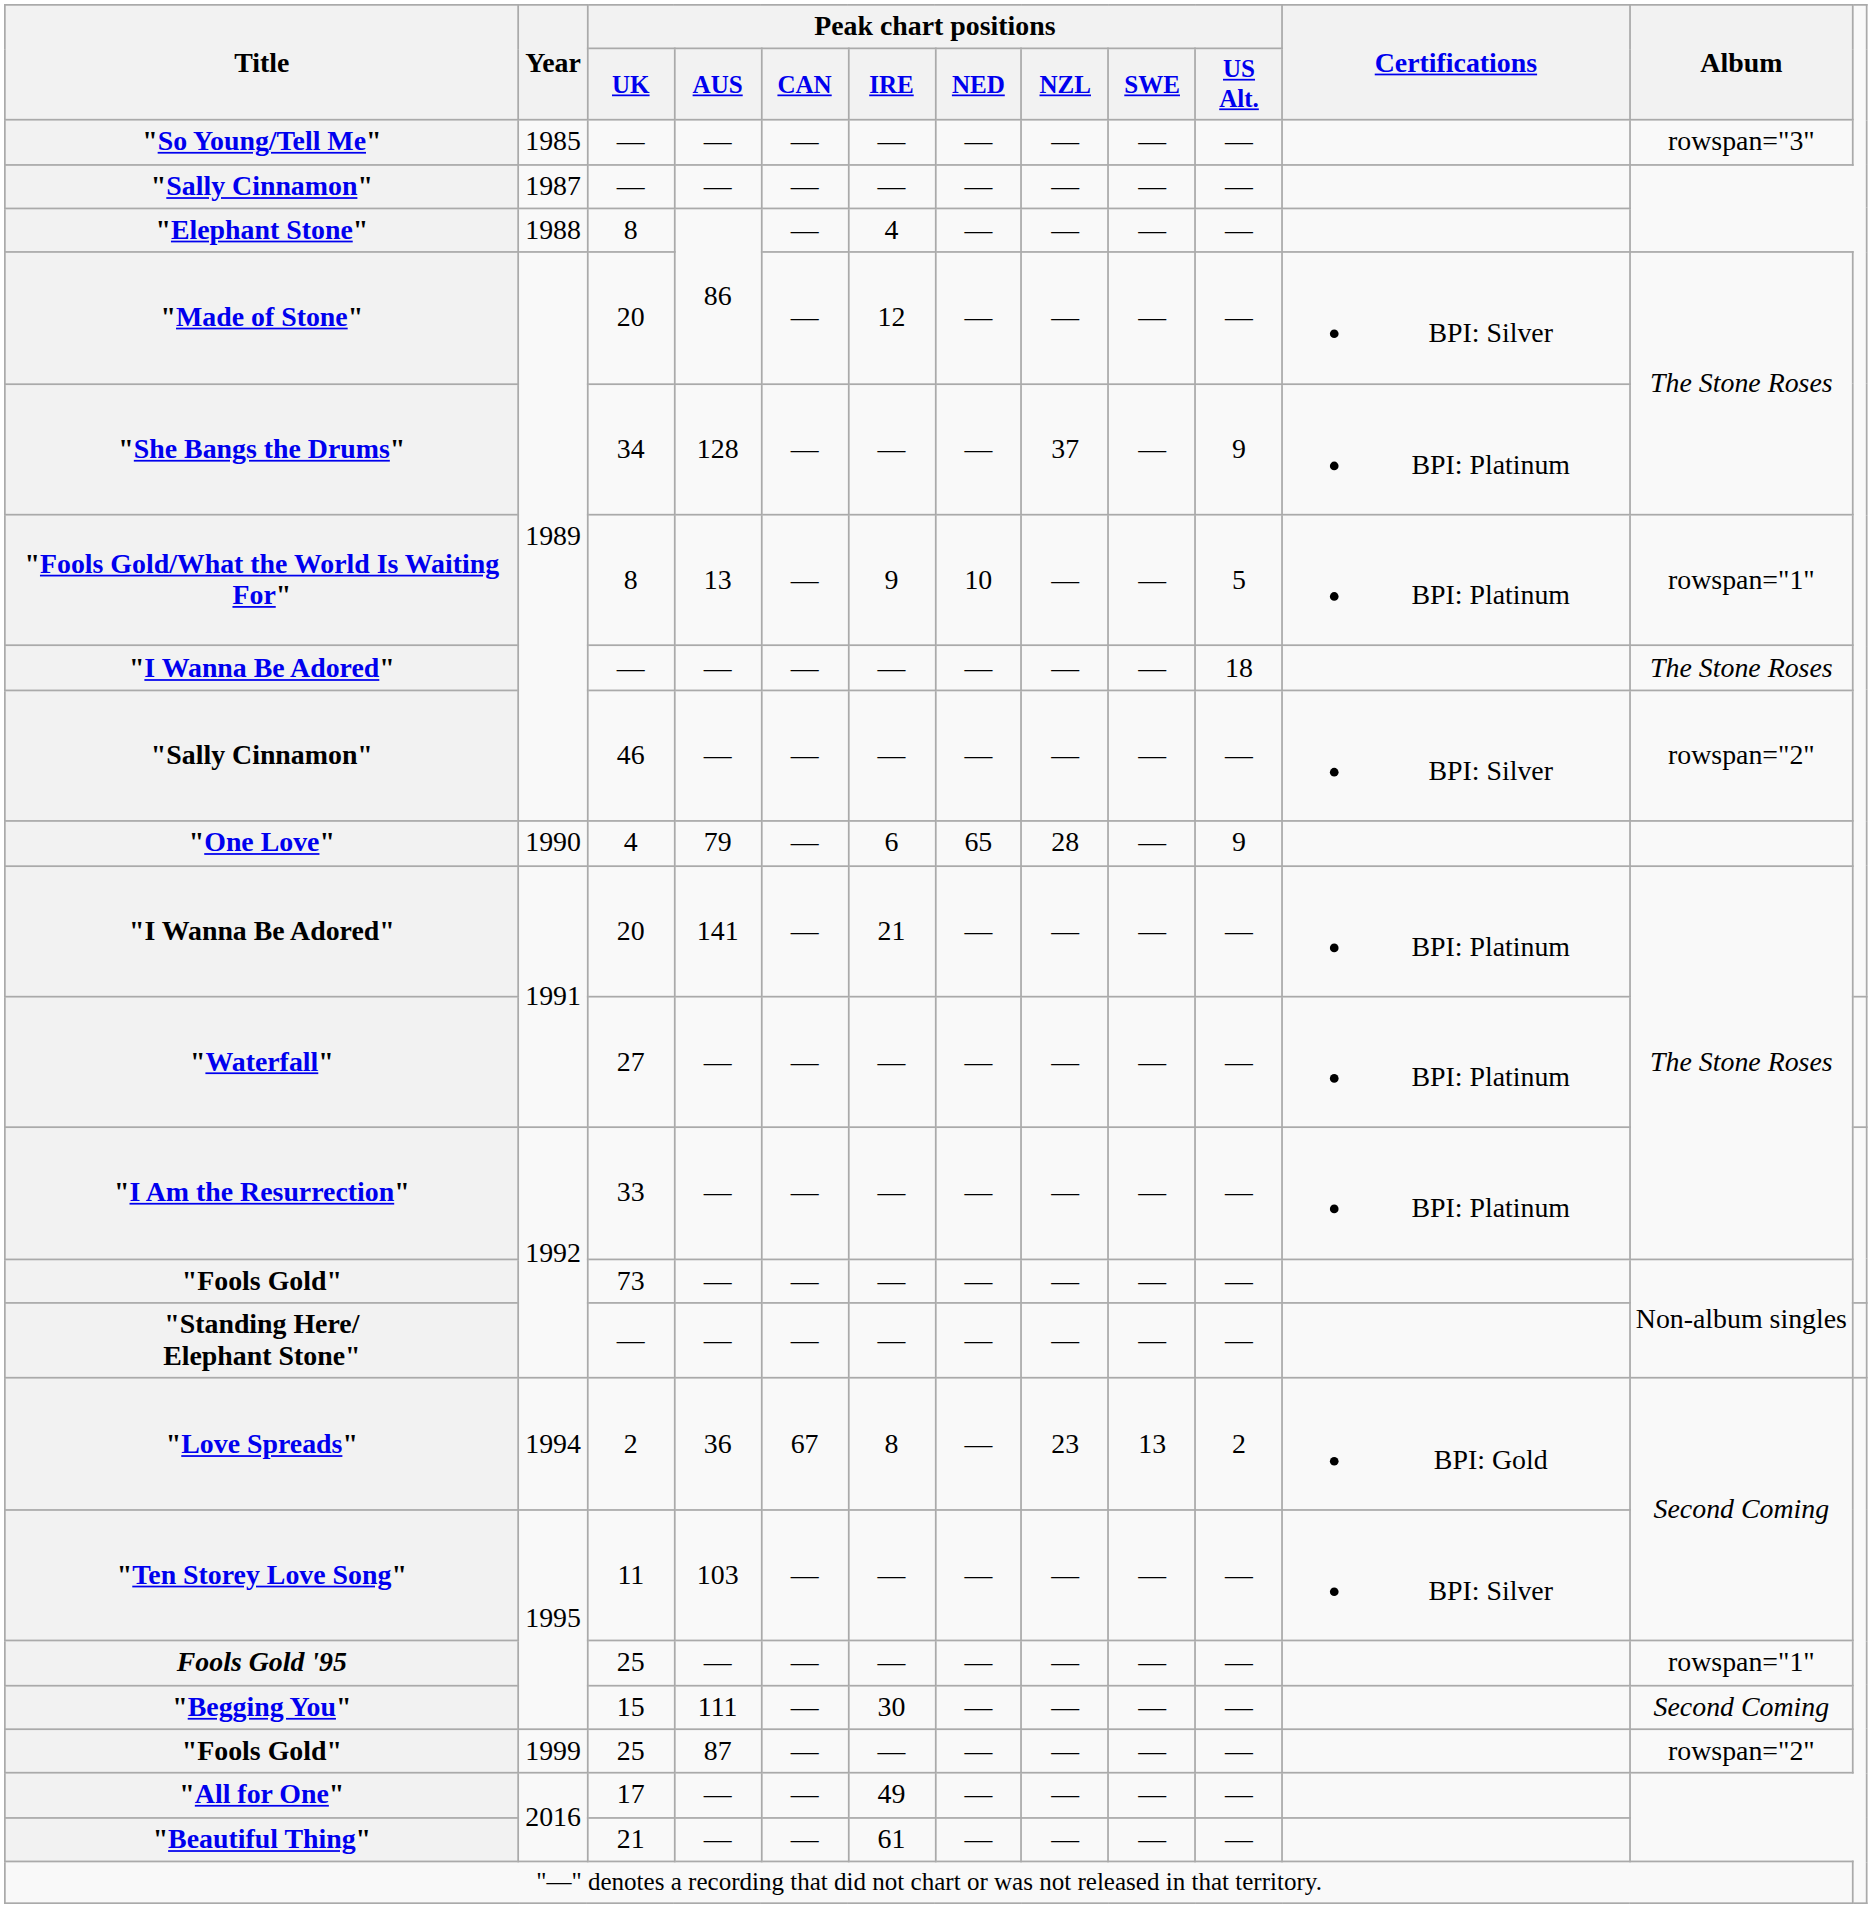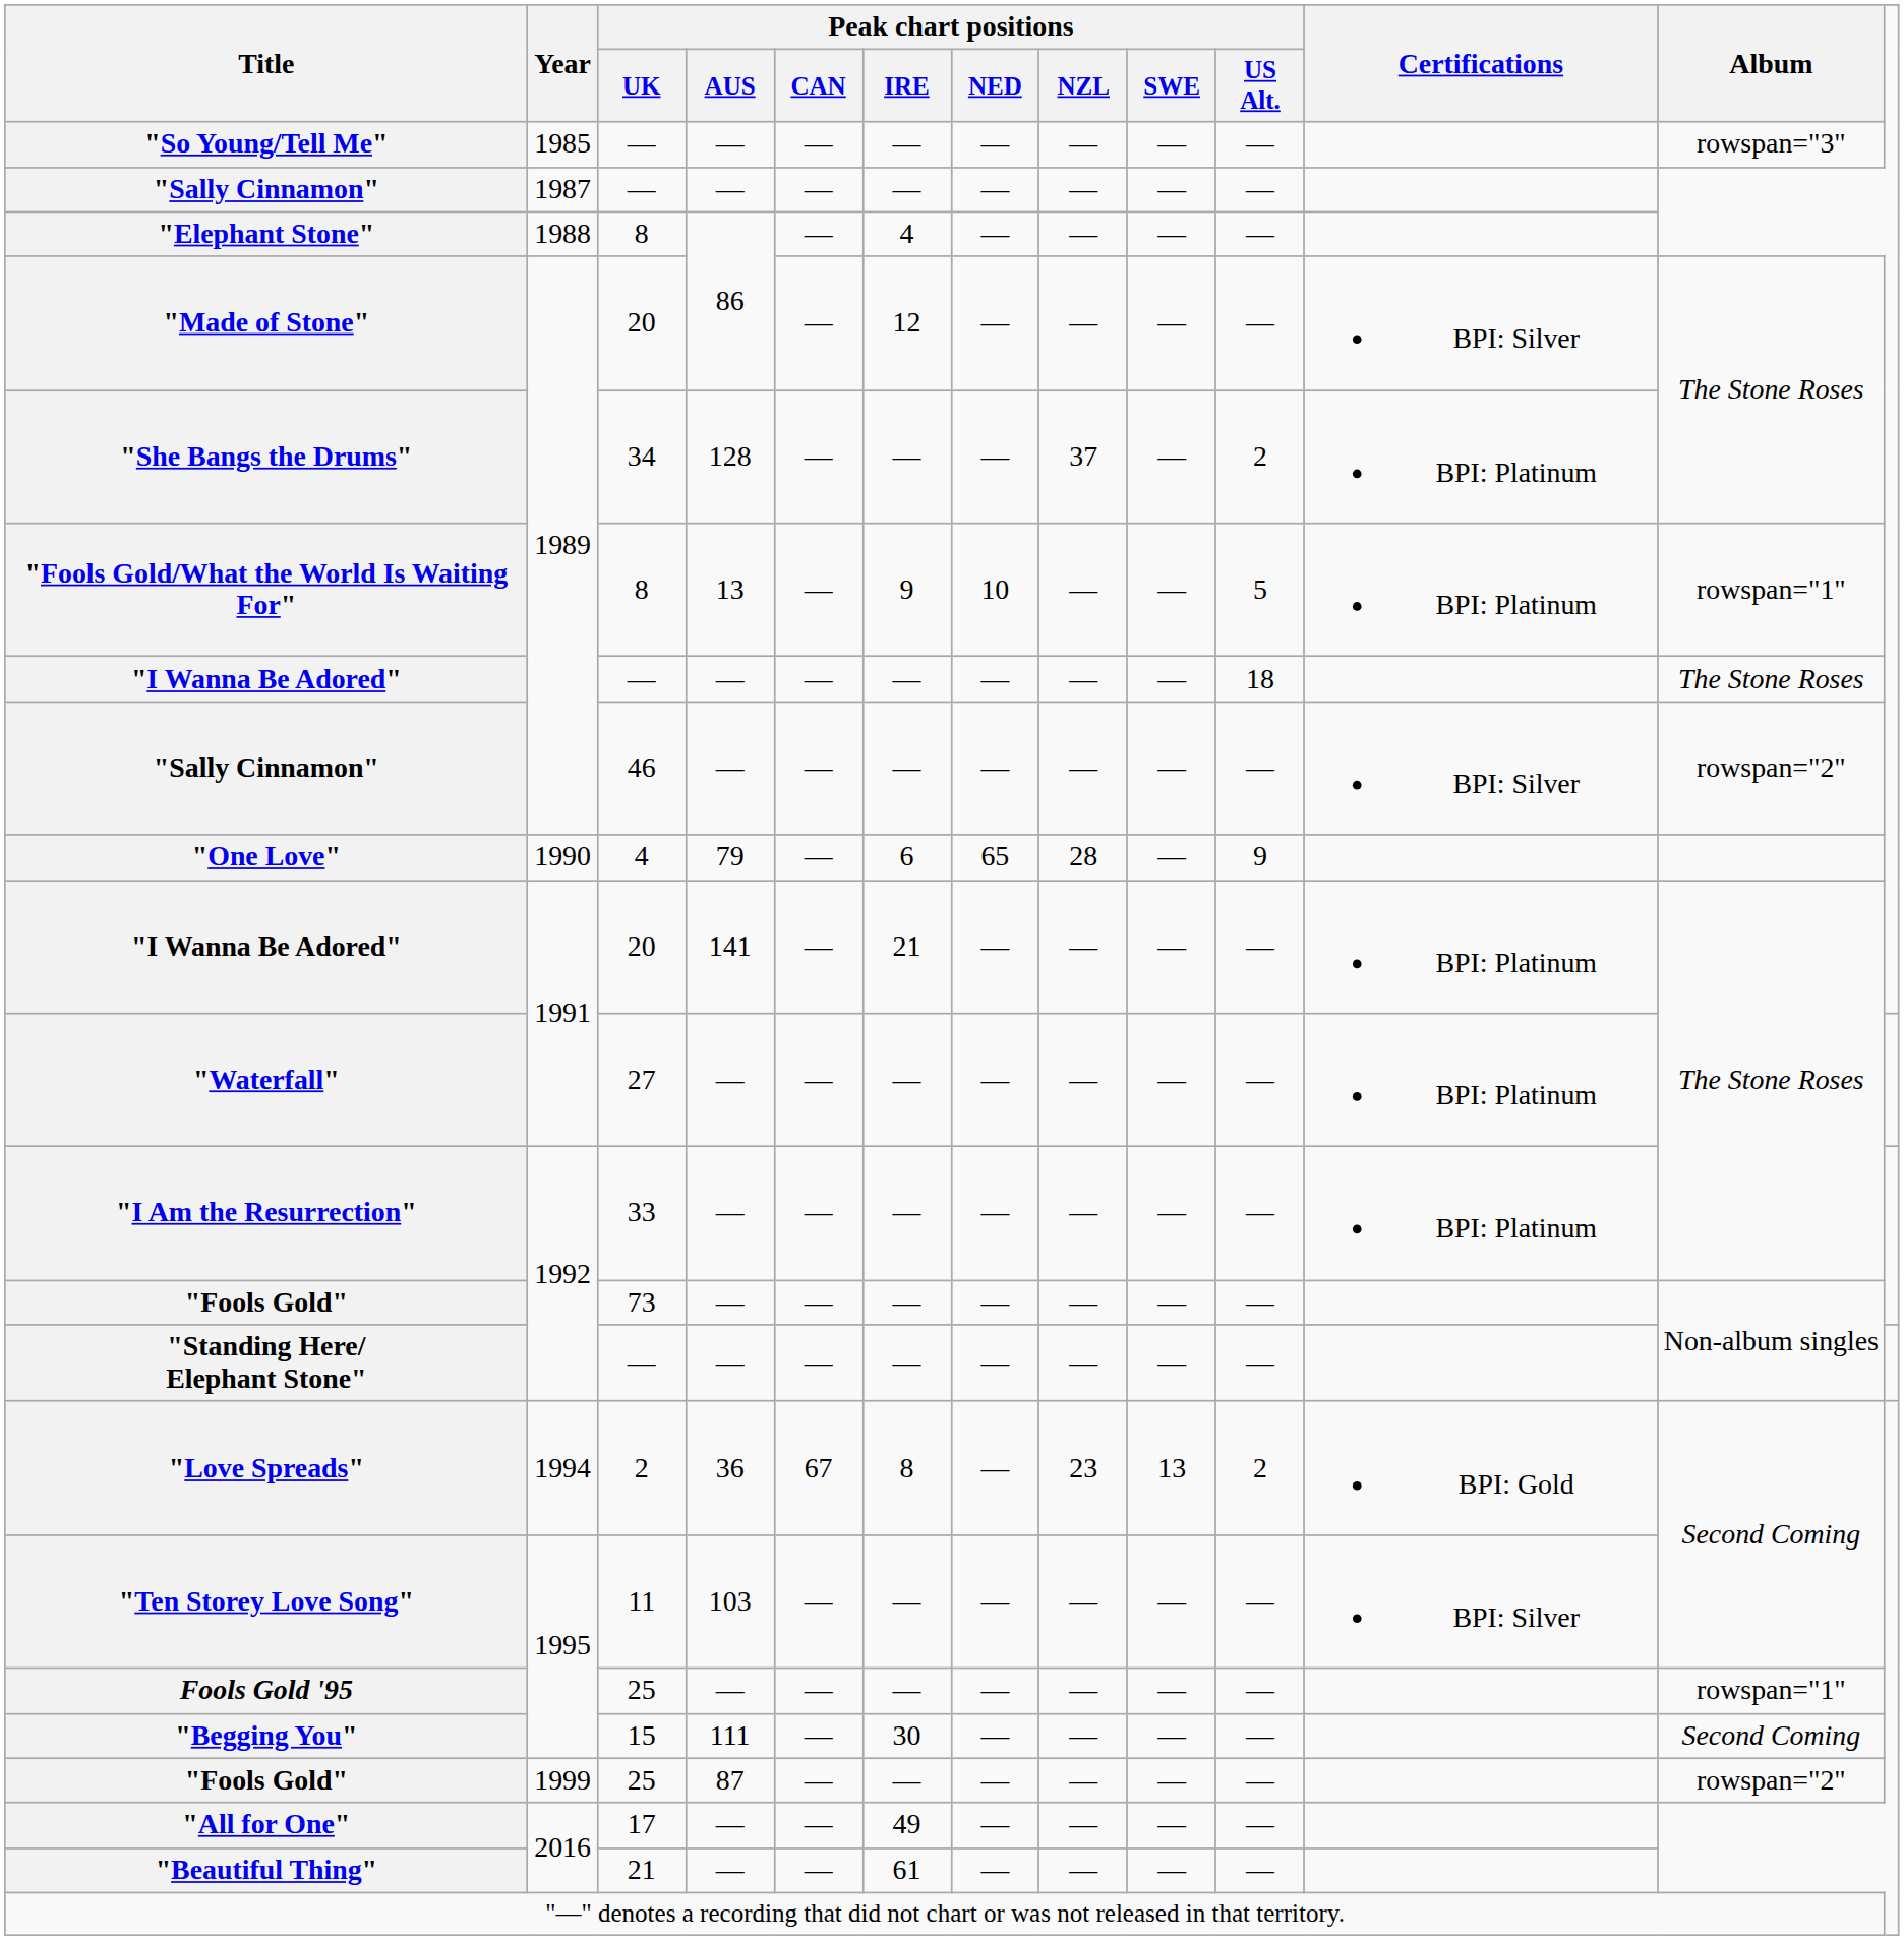 <table class="wikitable plainrowheaders" style="text-align:center;">
 <tr>
 <th scope="col" rowspan="2" style="width:18em;">Title</th>
 <th scope="col" rowspan="2">Year</th>
 <th scope="col" colspan="8">Peak chart positions</th>
 <th scope="col" rowspan="2" style="width:12em;"><a href='#'>Certifications</a></th>
 <th scope="col" rowspan="2">Album</th>
 </tr>
 <tr>
 <th scope="col" style="width:3em;font-size:90%;"><a href='#'>UK</a><br></th>
 <th scope="col" style="width:3em;font-size:90%;"><a href='#'>AUS</a><br></th>
 <th scope="col" style="width:3em;font-size:90%;"><a href='#'>CAN</a><br></th>
 <th scope="col" style="width:3em;font-size:90%;"><a href='#'>IRE</a><br></th>
 <th scope="col" style="width:3em;font-size:90%;"><a href='#'>NED</a><br></th>
 <th scope="col" style="width:3em;font-size:90%;"><a href='#'>NZL</a><br></th>
 <th scope="col" style="width:3em;font-size:90%;"><a href='#'>SWE</a><br></th>
 <th scope="col" style="width:3em;font-size:90%;"><a href='#'>US Alt.</a><br></th>
 </tr>
 <tr>
 <th scope="row">"<a href='#'>So Young/Tell Me</a>"</th>
 <td>1985</td>
 <td>—</td>
 <td>—</td>
 <td>—</td>
 <td>—</td>
 <td>—</td>
 <td>—</td>
 <td>—</td>
 <td>—</td>
 <td></td>
 <td>rowspan="3" </td>
 </tr>
 <tr>
 <th scope="row">"<a href='#'>Sally Cinnamon</a>"</th>
 <td>1987</td>
 <td>—</td>
 <td>—</td>
 <td>—</td>
 <td>—</td>
 <td>—</td>
 <td>—</td>
 <td>—</td>
 <td>—</td>
 <td></td>
 </tr>
 <tr>
 <th scope="row">"<a href='#'>Elephant Stone</a>"</th>
 <td>1988</td>
 <td>8</td>
 <td rowspan="2">86</td>
 <td>—</td>
 <td>4</td>
 <td>—</td>
 <td>—</td>
 <td>—</td>
 <td>—</td>
 <td></td>
 </tr>
 <tr>
 <th scope="row">"<a href='#'>Made of Stone</a>"</th>
 <td rowspan="5">1989</td>
 <td>20</td>
 <td>—</td>
 <td>12</td>
 <td>—</td>
 <td>—</td>
 <td>—</td>
 <td>—</td>
 <td><br><ul><li>BPI: Silver</li></ul></td>
 <td rowspan="2"><em>The Stone Roses</em></td>
 </tr>
 <tr>
 <th scope="row">"<a href='#'>She Bangs the Drums</a>"</th>
 <td>34</td>
 <td>128</td>
 <td>—</td>
 <td>—</td>
 <td>—</td>
 <td>37</td>
 <td>—</td>
-<td>9</td>
+<td>2</td>
 <td><br><ul><li>BPI: Platinum</li></ul></td>
 </tr>
 <tr>
 <th scope="row">"<a href='#'>Fools Gold/What the World Is Waiting For</a>"</th>
 <td>8</td>
 <td>13</td>
 <td>—</td>
 <td>9</td>
 <td>10</td>
 <td>—</td>
 <td>—</td>
 <td>5</td>
 <td><br><ul><li>BPI: Platinum</li></ul></td>
 <td>rowspan="1" </td>
 </tr>
 <tr>
 <th scope="row">"<a href='#'>I Wanna Be Adored</a>" </th>
 <td>—</td>
 <td>—</td>
 <td>—</td>
 <td>—</td>
 <td>—</td>
 <td>—</td>
 <td>—</td>
 <td>18</td>
 <td></td>
 <td><em>The Stone Roses</em></td>
 </tr>
 <tr>
 <th scope="row">"Sally Cinnamon" </th>
 <td>46</td>
 <td>—</td>
 <td>—</td>
 <td>—</td>
 <td>—</td>
 <td>—</td>
 <td>—</td>
 <td>—</td>
 <td><br><ul><li>BPI: Silver</li></ul></td>
 <td>rowspan="2" </td>
 </tr>
 <tr>
 <th scope="row">"<a href='#'>One Love</a>"</th>
 <td>1990</td>
 <td>4</td>
 <td>79</td>
 <td>—</td>
 <td>6</td>
 <td>65</td>
 <td>28</td>
 <td>—</td>
 <td>9</td>
 <td></td>
 <td></td>
 </tr>
 <tr>
 <th scope="row">"I Wanna Be Adored" </th>
 <td rowspan="2">1991</td>
 <td>20</td>
 <td>141</td>
 <td>—</td>
 <td>21</td>
 <td>—</td>
 <td>—</td>
 <td>—</td>
 <td>—</td>
 <td><br><ul><li>BPI: Platinum</li></ul></td>
 <td rowspan="3"><em>The Stone Roses</em></td>
 </tr>
 <tr>
 <th scope="row">"<a href='#'>Waterfall</a>"</th>
 <td>27</td>
 <td>—</td>
 <td>—</td>
 <td>—</td>
 <td>—</td>
 <td>—</td>
 <td>—</td>
 <td>—</td>
 <td><br><ul><li>BPI: Platinum</li></ul></td>
 <td></td>
 </tr>
 <tr>
 <th scope="row">"<a href='#'>I Am the Resurrection</a>"</th>
 <td rowspan="3">1992</td>
 <td>33</td>
 <td>—</td>
 <td>—</td>
 <td>—</td>
 <td>—</td>
 <td>—</td>
 <td>—</td>
 <td>—</td>
 <td><br><ul><li>BPI: Platinum</li></ul></td>
 </tr>
 <tr>
 <th scope="row">"Fools Gold" </th>
 <td>73</td>
 <td>—</td>
 <td>—</td>
 <td>—</td>
 <td>—</td>
 <td>—</td>
 <td>—</td>
 <td>—</td>
 <td></td>
 <td rowspan = "2">Non-album singles</td>
 </tr>
 <tr>
 <th scope="row">"Standing Here/<br>Elephant Stone" <br></th>
 <td>—</td>
 <td>—</td>
 <td>—</td>
 <td>—</td>
 <td>—</td>
 <td>—</td>
 <td>—</td>
 <td>—</td>
 <td></td>
 <td></td>
 </tr>
 <tr>
 <th scope="row">"<a href='#'>Love Spreads</a>"</th>
 <td>1994</td>
 <td>2</td>
 <td>36</td>
 <td>67</td>
 <td>8</td>
 <td>—</td>
 <td>23</td>
 <td>13</td>
 <td>2</td>
 <td><br><ul><li>BPI: Gold</li></ul></td>
 <td rowspan="2"><em>Second Coming</em></td>
 </tr>
 <tr>
 <th scope="row">"<a href='#'>Ten Storey Love Song</a>"</th>
 <td rowspan="3">1995</td>
 <td>11</td>
 <td>103</td>
 <td>—</td>
 <td>—</td>
 <td>—</td>
 <td>—</td>
 <td>—</td>
 <td>—</td>
 <td><br><ul><li>BPI: Silver</li></ul></td>
 </tr>
 <tr>
 <th scope="row"><em>Fools Gold '95</em></th>
 <td>25</td>
 <td>—</td>
 <td>—</td>
 <td>—</td>
 <td>—</td>
 <td>—</td>
 <td>—</td>
 <td>—</td>
 <td></td>
 <td>rowspan="1" </td>
 </tr>
 <tr>
 <th scope="row">"<a href='#'>Begging You</a>"</th>
 <td>15</td>
 <td>111</td>
 <td>—</td>
 <td>30</td>
 <td>—</td>
 <td>—</td>
 <td>—</td>
 <td>—</td>
 <td></td>
 <td><em>Second Coming</em></td>
 </tr>
 <tr>
 <th scope="row">"Fools Gold" </th>
 <td>1999</td>
 <td>25</td>
 <td>87</td>
 <td>—</td>
 <td>—</td>
 <td>—</td>
 <td>—</td>
 <td>—</td>
 <td>—</td>
 <td></td>
 <td>rowspan="2" </td>
 </tr>
 <tr>
 <th scope="row">"<a href='#'>All for One</a>"</th>
 <td rowspan="2">2016</td>
 <td>17</td>
 <td>—</td>
 <td>—</td>
 <td>49</td>
 <td>—</td>
 <td>—</td>
 <td>—</td>
 <td>—</td>
 <td></td>
 </tr>
 <tr>
 <th scope="row">"<a href='#'>Beautiful Thing</a>"</th>
 <td>21</td>
 <td>—</td>
 <td>—</td>
 <td>61</td>
 <td>—</td>
 <td>—</td>
 <td>—</td>
 <td>—</td>
 <td></td>
 </tr>
 <tr>
 <td colspan="12" style="font-size:90%">"—" denotes a recording that did not chart or was not released in that territory.</td>
 </tr>
 </table>
